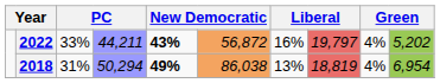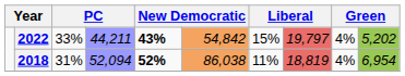 <table class="wikitable" style="float:right; width:400; font-size:90%; margin-left:1em;">
 <tr>
 <th colspan="2" scope="col">Year</th>
 <th colspan="2" scope="col"><a href='#'>PC</a></th>
 <th colspan="2" scope="col"><a href='#'>New Democratic</a></th>
 <th colspan="2" scope="col"><a href='#'>Liberal</a></th>
 <th colspan="2" scope="col"><a href='#'>Green</a></th>
 </tr>
 <tr>
 <td rowspan="2" style="width: 0.25em; background-color: "></td>
 <th><a href='#'>2022</a></th>
 <td>33%</td>
 <td style="text-align:right; background:#9999FF;"><em>44,211</em></td>
 <td><strong>43%</strong></td>
-<td style="text-align:right; background:#F4A460;"><em>56,872</em></td>
-<td>16%</td>
+<td style="text-align:right; background:#F4A460;"><em>54,842</em></td>
+<td>15%</td>
 <td style="text-align:right; background:#EA6D6A;"><em>19,797</em></td>
 <td>4%</td>
 <td style="text-align:right; background:#99C955;"><em>5,202</em></td>
 </tr>
 <tr>
 <th><a href='#'>2018</a></th>
 <td>31%</td>
-<td style="text-align:right; background:#9999FF;"><em>50,294</em></td>
-<td><strong>49%</strong></td>
+<td style="text-align:right; background:#9999FF;"><em>52,094</em></td>
+<td><strong>52%</strong></td>
 <td style="text-align:right; background:#F4A460;"><em>86,038</em></td>
-<td>13%</td>
+<td>11%</td>
 <td style="text-align:right; background:#EA6D6A;"><em>18,819</em></td>
 <td>4%</td>
 <td style="text-align:right; background:#99C955;"><em>6,954</em></td>
 </tr>
 <tr>
 </tr>
 </table>
